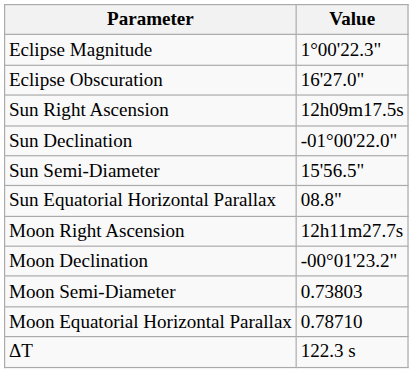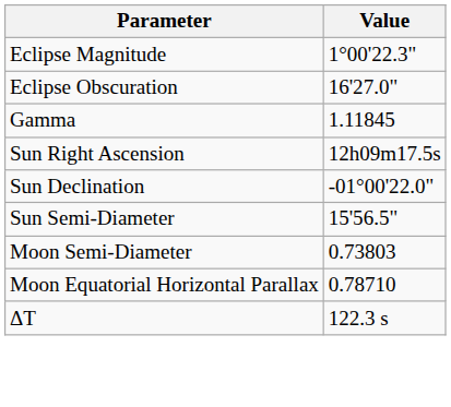 <table class="wikitable">
 <tr>
 <th>Parameter</th>
 <th>Value</th>
 </tr>
 <tr>
 <td>Eclipse Magnitude</td>
 <td>1°00'22.3"</td>
 </tr>
 <tr>
 <td>Eclipse Obscuration</td>
 <td>16'27.0"</td>
 </tr>
 <tr>
+<td>Gamma</td>
+<td>1.11845</td>
+</tr>
+<tr>
 <td>Sun Right Ascension</td>
 <td>12h09m17.5s</td>
 </tr>
 <tr>
 <td>Sun Declination</td>
 <td>-01°00'22.0"</td>
 </tr>
 <tr>
 <td>Sun Semi-Diameter</td>
 <td>15'56.5"</td>
-</tr>
-<tr>
-<td>Sun Equatorial Horizontal Parallax</td>
-<td>08.8"</td>
-</tr>
-<tr>
-<td>Moon Right Ascension</td>
-<td>12h11m27.7s</td>
-</tr>
-<tr>
-<td>Moon Declination</td>
-<td>-00°01'23.2"</td>
 </tr>
 <tr>
 <td>Moon Semi-Diameter</td>
 <td>0.73803</td>
 </tr>
 <tr>
 <td>Moon Equatorial Horizontal Parallax</td>
 <td>0.78710</td>
 </tr>
 <tr>
 <td>ΔT</td>
 <td>122.3 s</td>
 </tr>
 </table>
